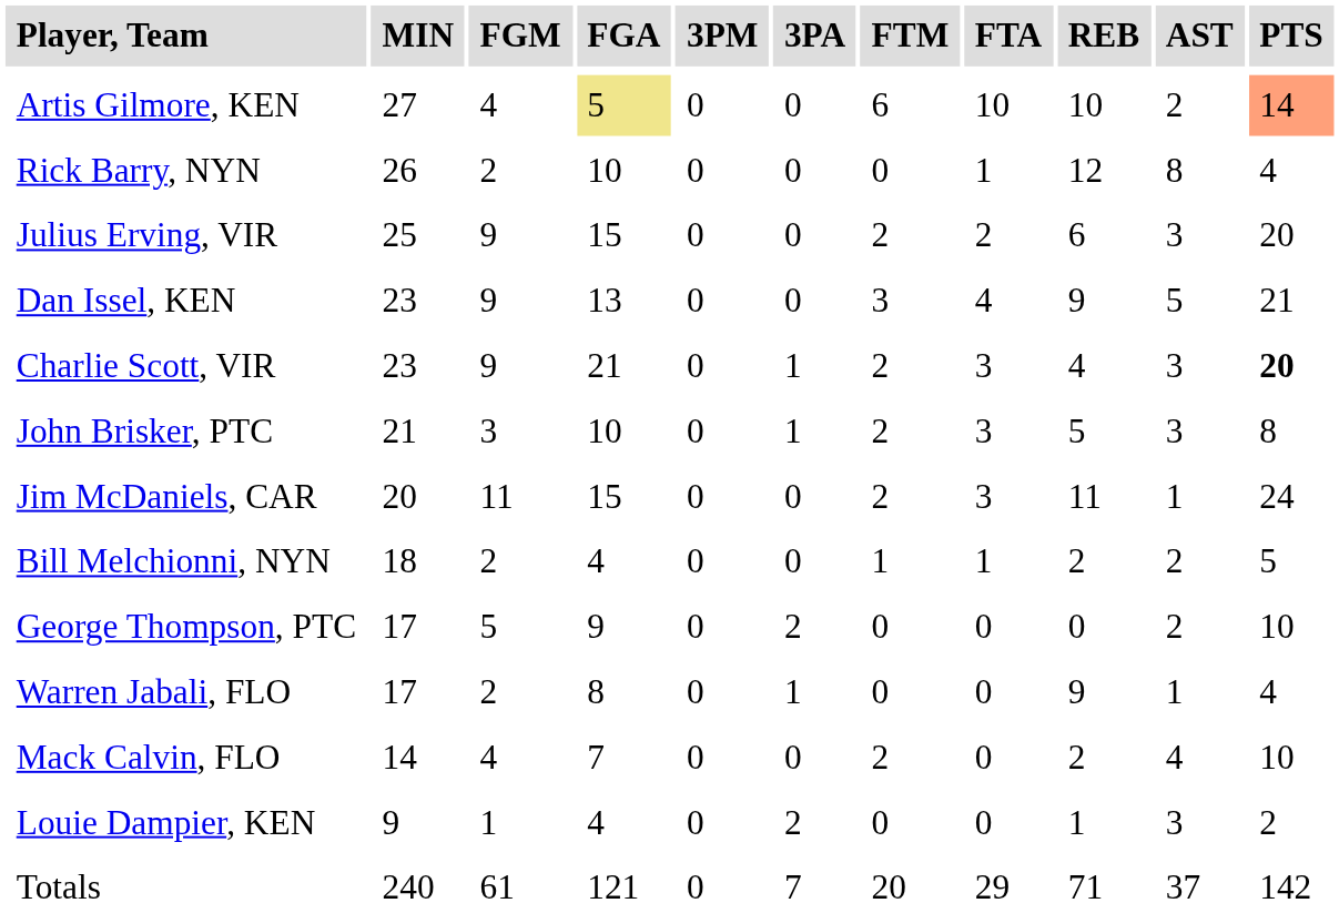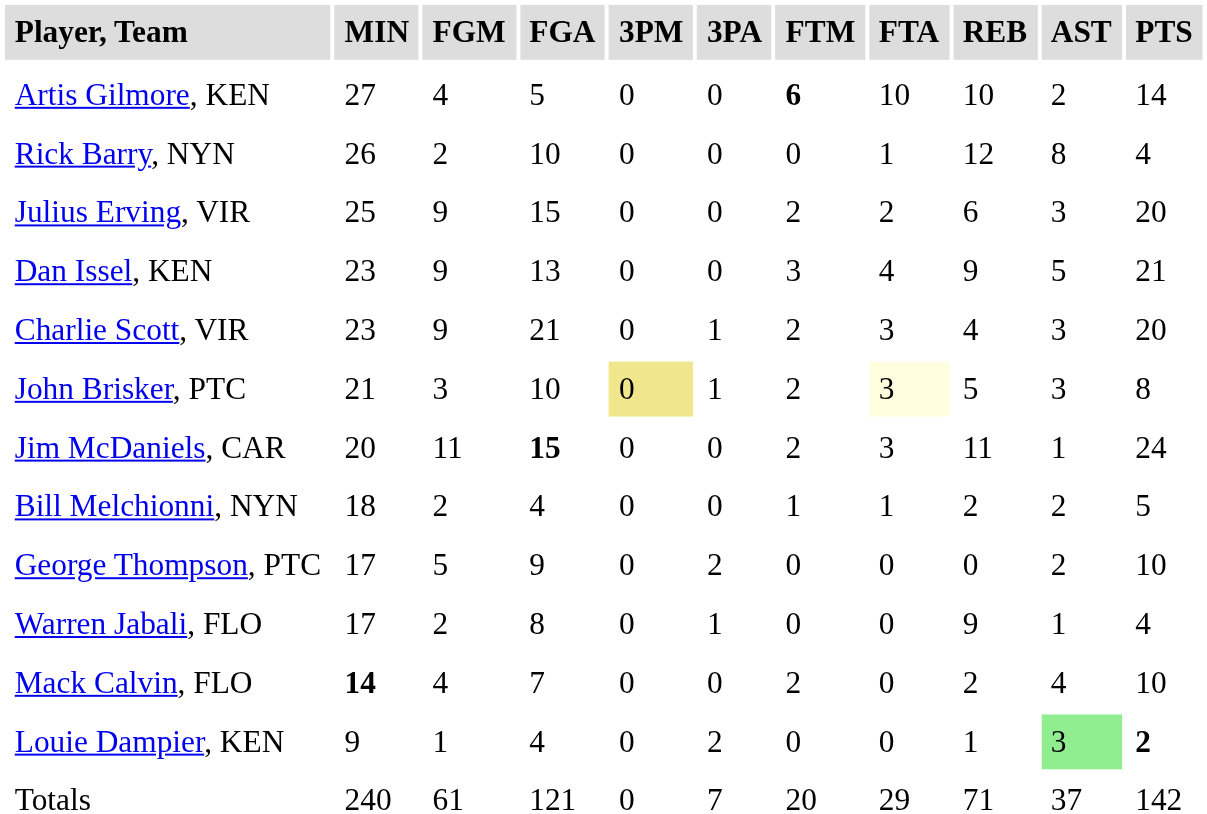 <table cellpadding=5>
 <tr bgcolor="#dddddd">
 <td><strong>Player, Team</strong></td>
 <td><strong>MIN</strong></td>
 <td><strong>FGM</strong></td>
 <td><strong>FGA</strong></td>
 <td><strong>3PM</strong></td>
 <td><strong>3PA</strong></td>
 <td><strong>FTM</strong></td>
 <td><strong>FTA</strong></td>
 <td><strong>REB</strong></td>
 <td><strong>AST</strong></td>
 <td><strong>PTS</strong></td>
 </tr>
 <tr bgcolor="#eeeeee">
 </tr>
 <tr>
 <td><a href='#'>Artis Gilmore</a>, KEN</td>
 <td>27</td>
 <td>4</td>
-<td style="background: khaki;">5</td>
+<td>5</td>
 <td>0</td>
 <td>0</td>
-<td>6</td>
+<td><strong>6</strong></td>
 <td>10</td>
 <td>10</td>
 <td>2</td>
-<td style="background: lightsalmon;">14</td>
+<td>14</td>
 </tr>
 <tr>
 <td><a href='#'>Rick Barry</a>, NYN</td>
 <td>26</td>
 <td>2</td>
 <td>10</td>
 <td>0</td>
 <td>0</td>
 <td>0</td>
 <td>1</td>
 <td>12</td>
 <td>8</td>
 <td>4</td>
 </tr>
 <tr>
 <td><a href='#'>Julius Erving</a>, VIR</td>
 <td>25</td>
 <td>9</td>
 <td>15</td>
 <td>0</td>
 <td>0</td>
 <td>2</td>
 <td>2</td>
 <td>6</td>
 <td>3</td>
 <td>20</td>
 </tr>
 <tr>
 <td><a href='#'>Dan Issel</a>, KEN</td>
 <td>23</td>
 <td>9</td>
 <td>13</td>
 <td>0</td>
 <td>0</td>
 <td>3</td>
 <td>4</td>
 <td>9</td>
 <td>5</td>
 <td>21</td>
 </tr>
 <tr>
 <td><a href='#'>Charlie Scott</a>, VIR</td>
 <td>23</td>
 <td>9</td>
 <td>21</td>
 <td>0</td>
 <td>1</td>
 <td>2</td>
 <td>3</td>
 <td>4</td>
 <td>3</td>
-<td><strong>20</strong></td>
+<td>20</td>
 </tr>
 <tr>
 <td><a href='#'>John Brisker</a>, PTC</td>
 <td>21</td>
 <td>3</td>
 <td>10</td>
-<td>0</td>
+<td style="background: khaki;">0</td>
 <td>1</td>
 <td>2</td>
-<td>3</td>
+<td style="background: lightyellow;">3</td>
 <td>5</td>
 <td>3</td>
 <td>8</td>
 </tr>
 <tr>
 <td><a href='#'>Jim McDaniels</a>, CAR</td>
 <td>20</td>
 <td>11</td>
-<td>15</td>
+<td><strong>15</strong></td>
 <td>0</td>
 <td>0</td>
 <td>2</td>
 <td>3</td>
 <td>11</td>
 <td>1</td>
 <td>24</td>
 </tr>
 <tr>
 <td><a href='#'>Bill Melchionni</a>, NYN</td>
 <td>18</td>
 <td>2</td>
 <td>4</td>
 <td>0</td>
 <td>0</td>
 <td>1</td>
 <td>1</td>
 <td>2</td>
 <td>2</td>
 <td>5</td>
 </tr>
 <tr>
 <td><a href='#'>George Thompson</a>, PTC</td>
 <td>17</td>
 <td>5</td>
 <td>9</td>
 <td>0</td>
 <td>2</td>
 <td>0</td>
 <td>0</td>
 <td>0</td>
 <td>2</td>
 <td>10</td>
 </tr>
 <tr>
 <td><a href='#'>Warren Jabali</a>, FLO</td>
 <td>17</td>
 <td>2</td>
 <td>8</td>
 <td>0</td>
 <td>1</td>
 <td>0</td>
 <td>0</td>
 <td>9</td>
 <td>1</td>
 <td>4</td>
 </tr>
 <tr>
 <td><a href='#'>Mack Calvin</a>, FLO</td>
-<td>14</td>
+<td><strong>14</strong></td>
 <td>4</td>
 <td>7</td>
 <td>0</td>
 <td>0</td>
 <td>2</td>
 <td>0</td>
 <td>2</td>
 <td>4</td>
 <td>10</td>
 </tr>
 <tr>
 <td><a href='#'>Louie Dampier</a>, KEN</td>
 <td>9</td>
 <td>1</td>
 <td>4</td>
 <td>0</td>
 <td>2</td>
 <td>0</td>
 <td>0</td>
 <td>1</td>
-<td>3</td>
-<td>2</td>
+<td style="background: lightgreen;">3</td>
+<td><strong>2</strong></td>
 </tr>
 <tr>
 <td>Totals</td>
 <td>240</td>
 <td>61</td>
 <td>121</td>
 <td>0</td>
 <td>7</td>
 <td>20</td>
 <td>29</td>
 <td>71</td>
 <td>37</td>
 <td>142</td>
 </tr>
 <tr>
 </tr>
 </table>
